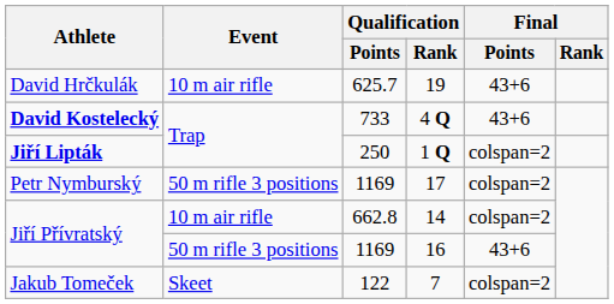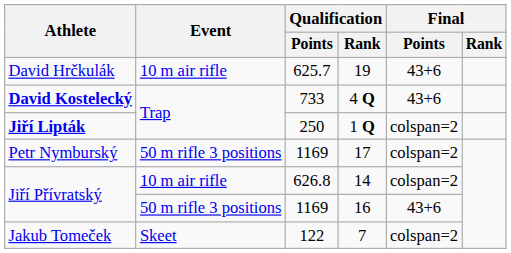 <table class="wikitable" style="font-size:90%">
 <tr>
 <th rowspan="2">Athlete</th>
 <th rowspan="2">Event</th>
 <th colspan=2>Qualification</th>
 <th colspan=2>Final</th>
 </tr>
 <tr style="font-size:95%">
 <th>Points</th>
 <th>Rank</th>
 <th>Points</th>
 <th>Rank</th>
 </tr>
 <tr align=center>
 <td align=left><a href='#'>David Hrčkulák</a></td>
 <td align=left><a href='#'>10 m air rifle</a></td>
 <td>625.7</td>
 <td>19</td>
 <td>43+6</td>
 </tr>
 <tr align=center>
 <td align=left><strong><a href='#'>David Kostelecký</a></strong></td>
 <td align=left rowspan=2><a href='#'>Trap</a></td>
 <td>733</td>
 <td>4 <strong>Q</strong></td>
 <td>43+6</td>
 <td></td>
 </tr>
 <tr align=center>
 <td align=left><strong><a href='#'>Jiří Lipták</a></strong></td>
 <td>250</td>
 <td>1 <strong>Q</strong></td>
 <td>colspan=2 </td>
 <td></td>
 </tr>
 <tr align=center>
 <td align=left><a href='#'>Petr Nymburský</a></td>
 <td align=left><a href='#'>50 m rifle 3 positions</a></td>
 <td>1169</td>
 <td>17</td>
 <td>colspan=2 </td>
 </tr>
 <tr align=center>
 <td align=left rowspan=2><a href='#'>Jiří Přívratský</a></td>
 <td align=left><a href='#'>10 m air rifle</a></td>
-<td>662.8</td>
+<td>626.8</td>
 <td>14</td>
 <td>colspan=2 </td>
 </tr>
 <tr align=center>
 <td align=left><a href='#'>50 m rifle 3 positions</a></td>
 <td>1169</td>
 <td>16</td>
 <td>43+6</td>
 </tr>
 <tr align=center>
 <td align=left><a href='#'>Jakub Tomeček</a></td>
 <td align=left><a href='#'>Skeet</a></td>
 <td>122</td>
 <td>7</td>
 <td>colspan=2 </td>
 </tr>
 </table>
